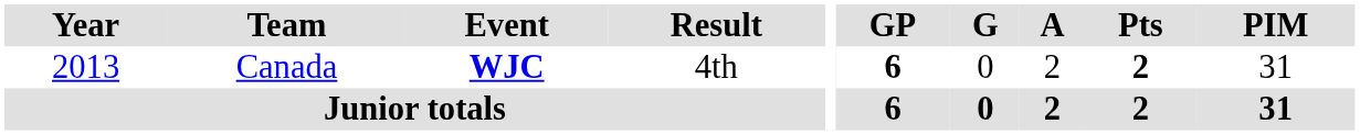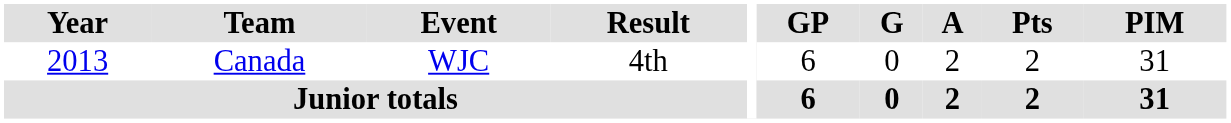 <table border="0" cellpadding="1" cellspacing="0" ID="Table3" style="text-align:center; width:40em">
 <tr ALIGN="center" bgcolor="#e0e0e0">
 <th>Year</th>
 <th>Team</th>
 <th>Event</th>
 <th>Result</th>
 <th rowspan="99" bgcolor="#ffffff"></th>
 <th>GP</th>
 <th>G</th>
 <th>A</th>
 <th>Pts</th>
 <th>PIM</th>
 </tr>
 <tr>
 <td><a href='#'>2013</a></td>
 <td><a href='#'>Canada</a></td>
-<td><strong><a href='#'>WJC</a></strong></td>
+<td><a href='#'>WJC</a></td>
 <td>4th</td>
-<td><strong>6</strong></td>
+<td>6</td>
 <td>0</td>
 <td>2</td>
-<td><strong>2</strong></td>
+<td>2</td>
 <td>31</td>
 </tr>
 <tr bgcolor="#e0e0e0">
 <th colspan="4">Junior totals</th>
 <th>6</th>
 <th>0</th>
 <th>2</th>
 <th>2</th>
 <th>31</th>
 </tr>
 </table>
